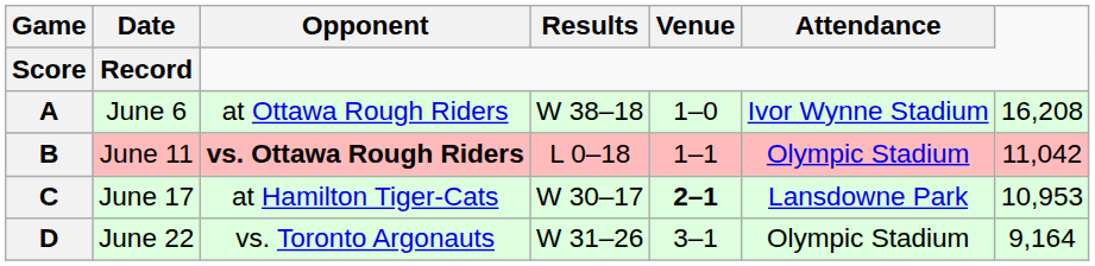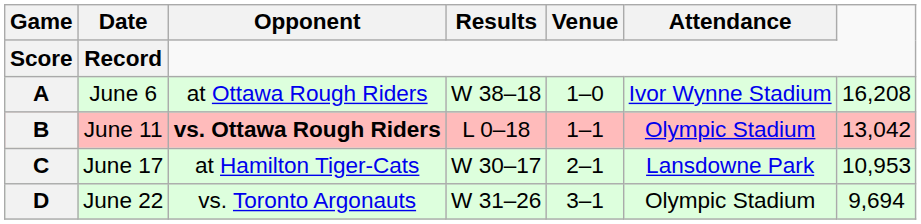 <table class="wikitable" style="text-align:center">
 <tr>
 <th>Game</th>
 <th>Date</th>
 <th>Opponent</th>
 <th>Results</th>
 <th>Venue</th>
 <th>Attendance</th>
 </tr>
 <tr>
 <th>Score</th>
 <th>Record</th>
 </tr>
 <tr style="background:#ddffdd">
 <th>A</th>
 <td>June 6</td>
 <td>at <a href='#'>Ottawa Rough Riders</a></td>
 <td>W 38–18</td>
 <td>1–0</td>
 <td><a href='#'>Ivor Wynne Stadium</a></td>
 <td>16,208</td>
 </tr>
 <tr style="background:#ffbbbb">
 <th>B</th>
 <td>June 11</td>
 <td><strong>vs. Ottawa Rough Riders</strong></td>
 <td>L 0–18</td>
 <td>1–1</td>
 <td><a href='#'>Olympic Stadium</a></td>
-<td>11,042</td>
+<td>13,042</td>
 </tr>
 <tr style="background:#ddffdd">
 <th>C</th>
 <td>June 17</td>
 <td>at <a href='#'>Hamilton Tiger-Cats</a></td>
 <td>W 30–17</td>
-<td><strong>2–1</strong></td>
+<td>2–1</td>
 <td><a href='#'>Lansdowne Park</a></td>
 <td>10,953</td>
 </tr>
 <tr style="background:#ddffdd">
 <th>D</th>
 <td>June 22</td>
 <td>vs. <a href='#'>Toronto Argonauts</a></td>
 <td>W 31–26</td>
 <td>3–1</td>
 <td>Olympic Stadium</td>
-<td>9,164</td>
+<td>9,694</td>
 </tr>
 </table>
